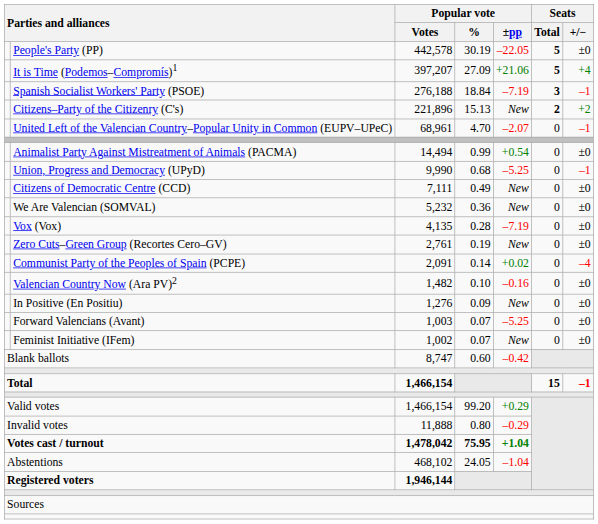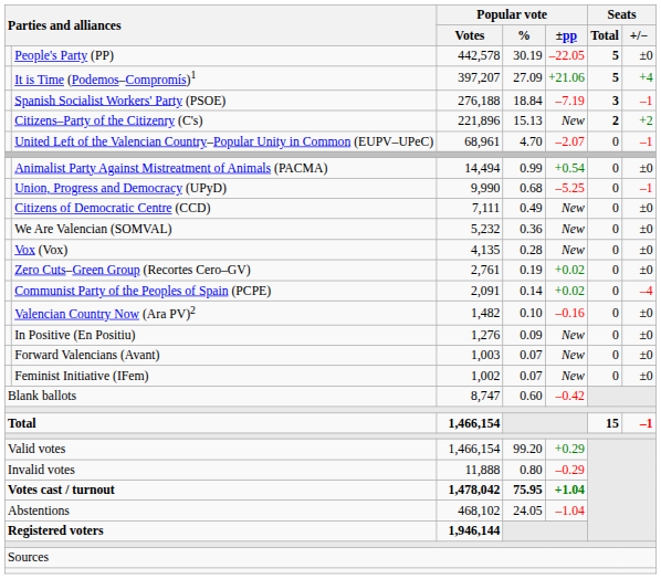 <table class="wikitable" style="text-align:right;">
 <tr>
 <th style="text-align:left;" rowspan="2" colspan="2" width="525">Parties and alliances</th>
 <th colspan="3">Popular vote</th>
 <th colspan="2">Seats</th>
 </tr>
 <tr>
 <th width="75">Votes</th>
 <th width="45">%</th>
 <th width="45">±<a href='#'>pp</a></th>
 <th width="35">Total</th>
 <th width="35">+/−</th>
 </tr>
 <tr>
 <td width="1" style="color:inherit;background:"></td>
 <td align="left"><a href='#'>People's Party</a> (PP)</td>
 <td>442,578</td>
 <td>30.19</td>
 <td style="color:red;">–22.05</td>
 <td><strong>5</strong></td>
 <td>±0</td>
 </tr>
 <tr>
 <td style="color:inherit;background:"></td>
 <td align="left"><a href='#'>It is Time</a> (<a href='#'>Podemos</a>–<a href='#'>Compromís</a>)<sup>1</sup></td>
 <td>397,207</td>
 <td>27.09</td>
 <td style="color:green;">+21.06</td>
 <td><strong>5</strong></td>
 <td style="color:green;">+4</td>
 </tr>
 <tr>
 <td style="color:inherit;background:"></td>
 <td align="left"><a href='#'>Spanish Socialist Workers' Party</a> (PSOE)</td>
 <td>276,188</td>
 <td>18.84</td>
 <td style="color:red;">–7.19</td>
 <td><strong>3</strong></td>
 <td style="color:red;">–1</td>
 </tr>
 <tr>
 <td style="color:inherit;background:"></td>
 <td align="left"><a href='#'>Citizens–Party of the Citizenry</a> (C's)</td>
 <td>221,896</td>
 <td>15.13</td>
 <td><em>New</em></td>
 <td><strong>2</strong></td>
 <td style="color:green;">+2</td>
 </tr>
 <tr>
 <td style="color:inherit;background:"></td>
 <td align="left"><a href='#'>United Left of the Valencian Country</a>–<a href='#'>Popular Unity in Common</a> (EUPV–UPeC)</td>
 <td>68,961</td>
 <td>4.70</td>
 <td style="color:red;">–2.07</td>
 <td>0</td>
 <td style="color:red;">–1</td>
 </tr>
 <tr>
 <td colspan="7" bgcolor="#C0C0C0"></td>
 </tr>
 <tr>
 <td style="color:inherit;background:"></td>
 <td align="left"><a href='#'>Animalist Party Against Mistreatment of Animals</a> (PACMA)</td>
 <td>14,494</td>
 <td>0.99</td>
 <td style="color:green;">+0.54</td>
 <td>0</td>
 <td>±0</td>
 </tr>
 <tr>
 <td style="color:inherit;background:"></td>
 <td align="left"><a href='#'>Union, Progress and Democracy</a> (UPyD)</td>
 <td>9,990</td>
 <td>0.68</td>
 <td style="color:red;">–5.25</td>
 <td>0</td>
 <td style="color:red;">–1</td>
 </tr>
 <tr>
 <td style="color:inherit;background:"></td>
 <td align="left"><a href='#'>Citizens of Democratic Centre</a> (CCD)</td>
 <td>7,111</td>
 <td>0.49</td>
 <td><em>New</em></td>
 <td>0</td>
 <td>±0</td>
 </tr>
 <tr>
 <td style="color:inherit;background:"></td>
 <td align="left">We Are Valencian (SOMVAL)</td>
 <td>5,232</td>
 <td>0.36</td>
 <td><em>New</em></td>
 <td>0</td>
 <td>±0</td>
 </tr>
 <tr>
 <td style="color:inherit;background:"></td>
 <td align="left"><a href='#'>Vox</a> (Vox)</td>
 <td>4,135</td>
 <td>0.28</td>
-<td style="color:red;">–7.19</td>
+<td><em>New</em></td>
 <td>0</td>
 <td>±0</td>
 </tr>
 <tr>
 <td style="color:inherit;background:"></td>
 <td align="left"><a href='#'>Zero Cuts</a>–<a href='#'>Green Group</a> (Recortes Cero–GV)</td>
 <td>2,761</td>
 <td>0.19</td>
-<td><em>New</em></td>
+<td style="color:green;">+0.02</td>
 <td>0</td>
 <td>±0</td>
 </tr>
 <tr>
 <td style="color:inherit;background:"></td>
 <td align="left"><a href='#'>Communist Party of the Peoples of Spain</a> (PCPE)</td>
 <td>2,091</td>
 <td>0.14</td>
 <td style="color:green;">+0.02</td>
 <td>0</td>
 <td style="color:red;">–4</td>
 </tr>
 <tr>
 <td style="color:inherit;background:"></td>
 <td align="left"><a href='#'>Valencian Country Now</a> (Ara PV)<sup>2</sup></td>
 <td>1,482</td>
 <td>0.10</td>
 <td style="color:red;">–0.16</td>
 <td>0</td>
 <td>±0</td>
 </tr>
 <tr>
 <td style="color:inherit;background:"></td>
 <td align="left">In Positive (En Positiu)</td>
 <td>1,276</td>
 <td>0.09</td>
 <td><em>New</em></td>
 <td>0</td>
 <td>±0</td>
 </tr>
 <tr>
 <td style="color:inherit;background:"></td>
 <td align="left">Forward Valencians (Avant)</td>
 <td>1,003</td>
 <td>0.07</td>
-<td style="color:red;">–5.25</td>
+<td><em>New</em></td>
 <td>0</td>
 <td>±0</td>
 </tr>
 <tr>
 <td style="color:inherit;background:"></td>
 <td align="left">Feminist Initiative (IFem)</td>
 <td>1,002</td>
 <td>0.07</td>
 <td><em>New</em></td>
 <td>0</td>
 <td>±0</td>
 </tr>
 <tr>
 <td align="left" colspan="2">Blank ballots</td>
 <td>8,747</td>
 <td>0.60</td>
 <td style="color:red;">–0.42</td>
 <td bgcolor="#E9E9E9" colspan="2"></td>
 </tr>
 <tr>
 <td colspan="7" bgcolor="#E9E9E9"></td>
 </tr>
 <tr style="font-weight:bold;">
 <td align="left" colspan="2">Total</td>
 <td>1,466,154</td>
 <td bgcolor="#E9E9E9" colspan="2"></td>
 <td>15</td>
 <td style="color:red;">–1</td>
 </tr>
 <tr>
 <td colspan="7" bgcolor="#E9E9E9"></td>
 </tr>
 <tr>
 <td align="left" colspan="2">Valid votes</td>
 <td>1,466,154</td>
 <td>99.20</td>
 <td style="color:green;">+0.29</td>
 <td bgcolor="#E9E9E9" colspan="2" rowspan="5"></td>
 </tr>
 <tr>
 <td align="left" colspan="2">Invalid votes</td>
 <td>11,888</td>
 <td>0.80</td>
 <td style="color:red;">–0.29</td>
 </tr>
 <tr style="font-weight:bold;">
 <td align="left" colspan="2">Votes cast / turnout</td>
 <td>1,478,042</td>
 <td>75.95</td>
 <td style="color:green;">+1.04</td>
 </tr>
 <tr>
 <td align="left" colspan="2">Abstentions</td>
 <td>468,102</td>
 <td>24.05</td>
 <td style="color:red;">–1.04</td>
 </tr>
 <tr style="font-weight:bold;">
 <td align="left" colspan="2">Registered voters</td>
 <td>1,946,144</td>
 <td bgcolor="#E9E9E9" colspan="2"></td>
 </tr>
 <tr>
 <td colspan="7" bgcolor="#E9E9E9"></td>
 </tr>
 <tr>
 <td align="left" colspan="7">Sources</td>
 </tr>
 <tr>
 <td colspan="7" style="text-align:left; max-width:790px;"></td>
 </tr>
 </table>
